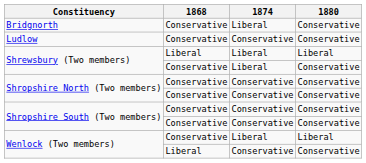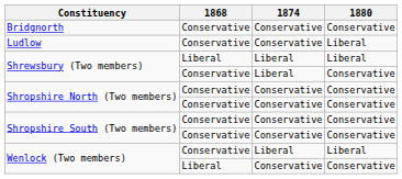 <table class="wikitable">
 <tr>
 <th>Constituency</th>
 <th>1868</th>
 <th>1874</th>
 <th>1880</th>
 </tr>
 <tr>
 <td><a href='#'>Bridgnorth</a></td>
 <td>Conservative</td>
-<td>Liberal</td>
+<td>Conservative</td>
 <td>Conservative</td>
 </tr>
 <tr>
 <td><a href='#'>Ludlow</a></td>
 <td>Conservative</td>
 <td>Conservative</td>
-<td>Conservative</td>
+<td>Liberal</td>
 </tr>
 <tr>
 <td rowspan="2"><a href='#'>Shrewsbury</a> (Two members)</td>
 <td>Liberal</td>
 <td>Liberal</td>
 <td>Liberal</td>
 </tr>
 <tr>
 <td>Conservative</td>
 <td>Liberal</td>
 <td>Conservative</td>
 </tr>
 <tr>
 <td rowspan="2"><a href='#'>Shropshire North</a> (Two members)</td>
 <td>Conservative</td>
 <td>Conservative</td>
 <td>Conservative</td>
 </tr>
 <tr>
 <td>Conservative</td>
 <td>Conservative</td>
 <td>Conservative</td>
 </tr>
 <tr>
 <td rowspan="2"><a href='#'>Shropshire South</a> (Two members)</td>
 <td>Conservative</td>
 <td>Conservative</td>
 <td>Conservative</td>
 </tr>
 <tr>
 <td>Conservative</td>
 <td>Conservative</td>
 <td>Conservative</td>
 </tr>
 <tr>
 <td rowspan="2"><a href='#'>Wenlock</a> (Two members)</td>
 <td>Conservative</td>
 <td>Liberal</td>
 <td>Liberal</td>
 </tr>
 <tr>
 <td>Liberal</td>
 <td>Conservative</td>
 <td>Conservative</td>
 </tr>
 </table>
